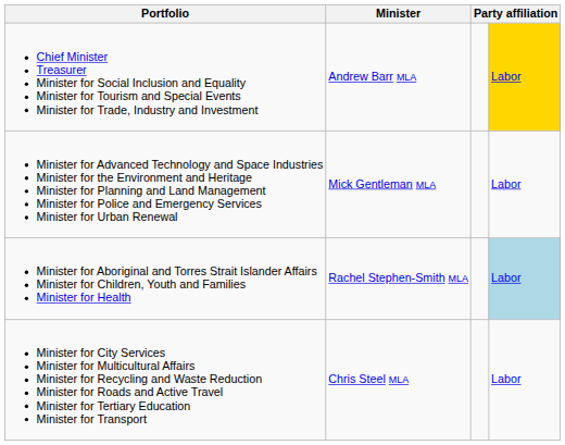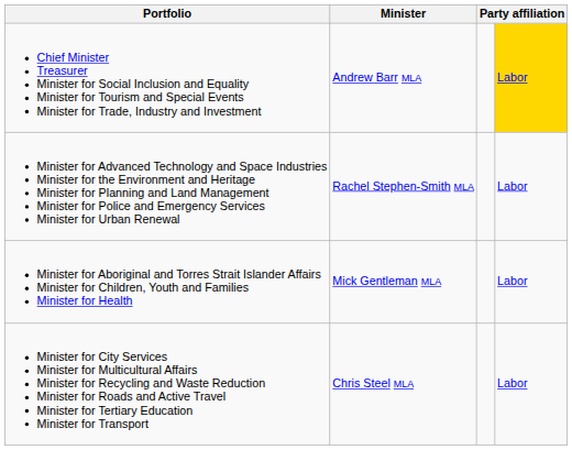 <table class="wikitable">
 <tr>
 <th>Portfolio</th>
 <th>Minister</th>
 <th colspan=2>Party affiliation</th>
 </tr>
 <tr>
 <td><br><ul><li><a href='#'>Chief Minister</a></li><li><a href='#'>Treasurer</a></li><li>Minister for Social Inclusion and Equality</li><li>Minister for Tourism and Special Events</li><li>Minister for Trade, Industry and Investment</li></ul></td>
 <td><a href='#'>Andrew Barr</a> <small><a href='#'>MLA</a></small></td>
 <td> </td>
 <td style="background: gold;"><a href='#'>Labor</a></td>
 </tr>
 <tr>
 <td><br><ul><li>Minister for Advanced Technology and Space Industries</li><li>Minister for the Environment and Heritage</li><li>Minister for Planning and Land Management</li><li>Minister for Police and Emergency Services</li><li>Minister for Urban Renewal</li></ul></td>
-<td><a href='#'>Mick Gentleman</a> <small><a href='#'>MLA</a></small></td>
+<td><a href='#'>Rachel Stephen-Smith</a> <small><a href='#'>MLA</a></small></td>
 <td> </td>
 <td><a href='#'>Labor</a></td>
 </tr>
 <tr>
 <td><br><ul><li>Minister for Aboriginal and Torres Strait Islander Affairs</li><li>Minister for Children, Youth and Families</li><li><a href='#'>Minister for Health</a></li></ul></td>
-<td><a href='#'>Rachel Stephen-Smith</a> <small><a href='#'>MLA</a></small></td>
+<td><a href='#'>Mick Gentleman</a> <small><a href='#'>MLA</a></small></td>
 <td> </td>
-<td style="background: lightblue;"><a href='#'>Labor</a></td>
+<td><a href='#'>Labor</a></td>
 </tr>
 <tr>
 <td><br><ul><li>Minister for City Services</li><li>Minister for Multicultural Affairs</li><li>Minister for Recycling and Waste Reduction</li><li>Minister for Roads and Active Travel</li><li>Minister for Tertiary Education</li><li>Minister for Transport</li></ul></td>
 <td><a href='#'>Chris Steel</a> <small><a href='#'>MLA</a></small></td>
 <td> </td>
 <td><a href='#'>Labor</a></td>
 </tr>
 </table>
